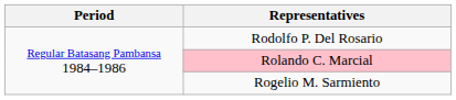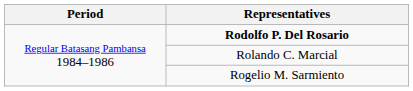 <table class="wikitable" style="text-align:center; width:40%;">
 <tr>
 <th width="40%">Period</th>
 <th>Representatives</th>
 </tr>
 <tr>
 <td rowspan="3"><small><a href='#'>Regular Batasang Pambansa</a></small><br>1984–1986</td>
-<td>Rodolfo P. Del Rosario</td>
+<td><strong>Rodolfo P. Del Rosario</strong></td>
 </tr>
 <tr>
-<td style="background: pink;">Rolando C. Marcial</td>
+<td>Rolando C. Marcial</td>
 </tr>
 <tr>
 <td>Rogelio M. Sarmiento</td>
 </tr>
 </table>
